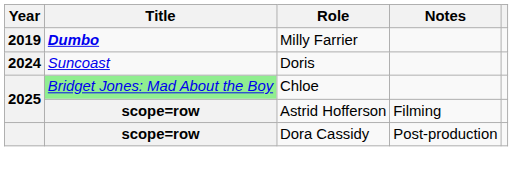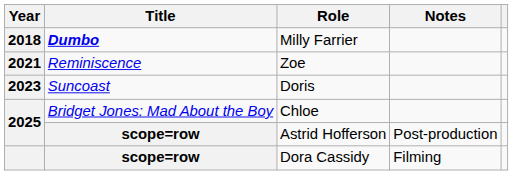 <table class="wikitable sortable plainrowheaders sortable" style="margin-right: 0;">
 <tr>
 <th scope="col">Year</th>
 <th scope="col">Title</th>
 <th scope="col">Role</th>
 <th class="unsortable" scope="col">Notes</th>
 <th scope="col" class="unsortable"></th>
 </tr>
 <tr>
-<th scope="row">2019</th>
+<th scope="row">2018</th>
 <td><strong><em><a href='#'>Dumbo</a></em></strong></td>
 <td>Milly Farrier</td>
 <td></td>
 <td align="center"></td>
 </tr>
 <tr>
-<th scope="row">2024</th>
+<th scope="row">2021</th>
+<td><em><a href='#'>Reminiscence</a></em></td>
+<td>Zoe</td>
+<td></td>
+<td align="center"></td>
+</tr>
+<tr>
+<th scope="row">2023</th>
 <td><em><a href='#'>Suncoast</a></em></td>
 <td>Doris</td>
 <td></td>
 <td align="center"></td>
 </tr>
 <tr>
 <th rowspan="2" scope="row">2025</th>
-<td style="background: lightgreen;"><em><a href='#'>Bridget Jones: Mad About the Boy</a></em></td>
+<td><em><a href='#'>Bridget Jones: Mad About the Boy</a></em></td>
 <td>Chloe</td>
 <td></td>
 <td align="center"></td>
 </tr>
 <tr>
 <th>scope=row </th>
 <td>Astrid Hofferson</td>
-<td>Filming</td>
+<td>Post-production</td>
 <td align="center"></td>
 </tr>
 <tr>
 <th scope="row"></th>
 <th>scope=row </th>
 <td>Dora Cassidy</td>
-<td>Post-production</td>
+<td>Filming</td>
 <td align="center"></td>
 </tr>
 </table>
